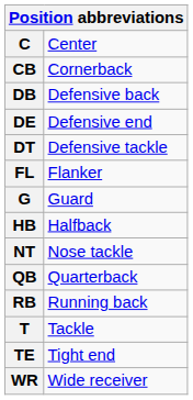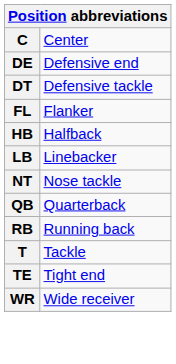 <table class="wikitable mw-collapsible mw-collapsed">
 <tr>
 <th scope="colgroup" colspan="2"><a href='#'>Position</a> abbreviations</th>
 </tr>
 <tr>
 <th scope="row">C</th>
 <td><a href='#'>Center</a></td>
-</tr>
-<tr>
-<th scope="row">CB</th>
-<td><a href='#'>Cornerback</a></td>
-</tr>
-<tr>
-<th scope="row">DB</th>
-<td><a href='#'>Defensive back</a></td>
 </tr>
 <tr>
 <th scope="row">DE</th>
 <td><a href='#'>Defensive end</a></td>
 </tr>
 <tr>
 <th scope="row">DT</th>
 <td><a href='#'>Defensive tackle</a></td>
 </tr>
 <tr>
 <th scope="row">FL</th>
 <td><a href='#'>Flanker</a></td>
 </tr>
 <tr>
-<th scope="row">G</th>
-<td><a href='#'>Guard</a></td>
+<th scope="row">HB</th>
+<td><a href='#'>Halfback</a></td>
 </tr>
 <tr>
-<th scope="row">HB</th>
-<td><a href='#'>Halfback</a></td>
+<th scope="row">LB</th>
+<td><a href='#'>Linebacker</a></td>
 </tr>
 <tr>
 <th scope="row">NT</th>
 <td><a href='#'>Nose tackle</a></td>
 </tr>
 <tr>
 <th scope="row">QB</th>
 <td><a href='#'>Quarterback</a></td>
 </tr>
 <tr>
 <th scope="row">RB</th>
 <td><a href='#'>Running back</a></td>
 </tr>
 <tr>
 <th scope="row">T</th>
 <td><a href='#'>Tackle</a></td>
 </tr>
 <tr>
 <th scope="row">TE</th>
 <td><a href='#'>Tight end</a></td>
 </tr>
 <tr>
 <th scope="row">WR</th>
 <td><a href='#'>Wide receiver</a></td>
 </tr>
 </table>
